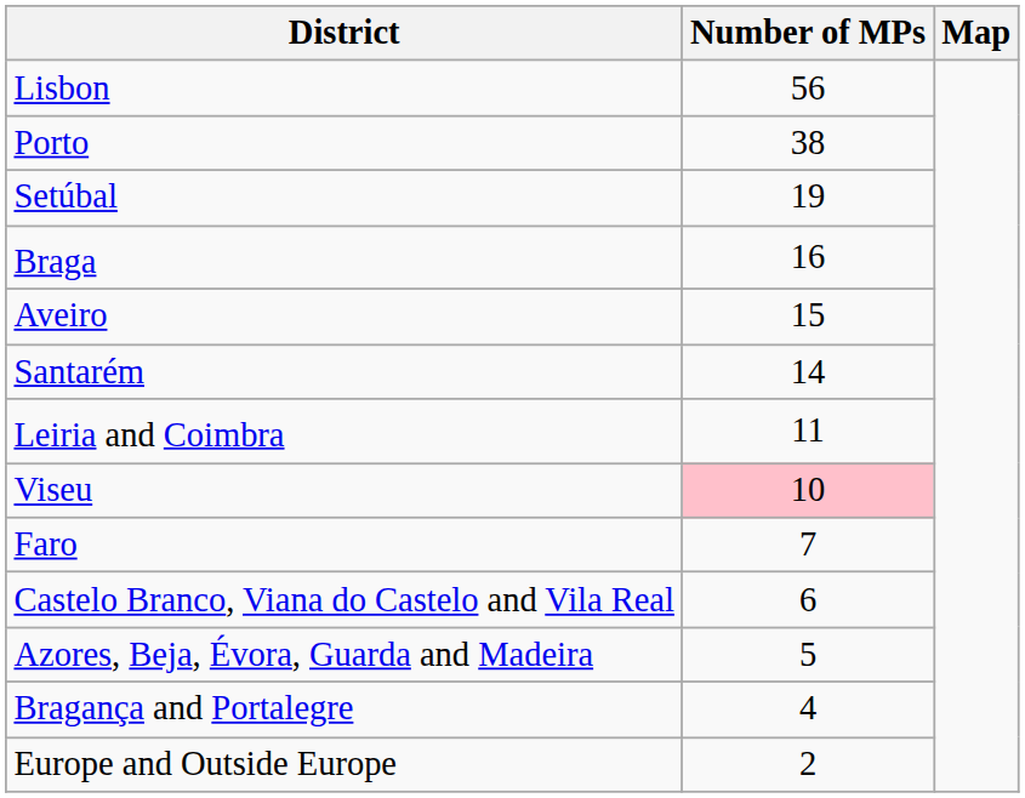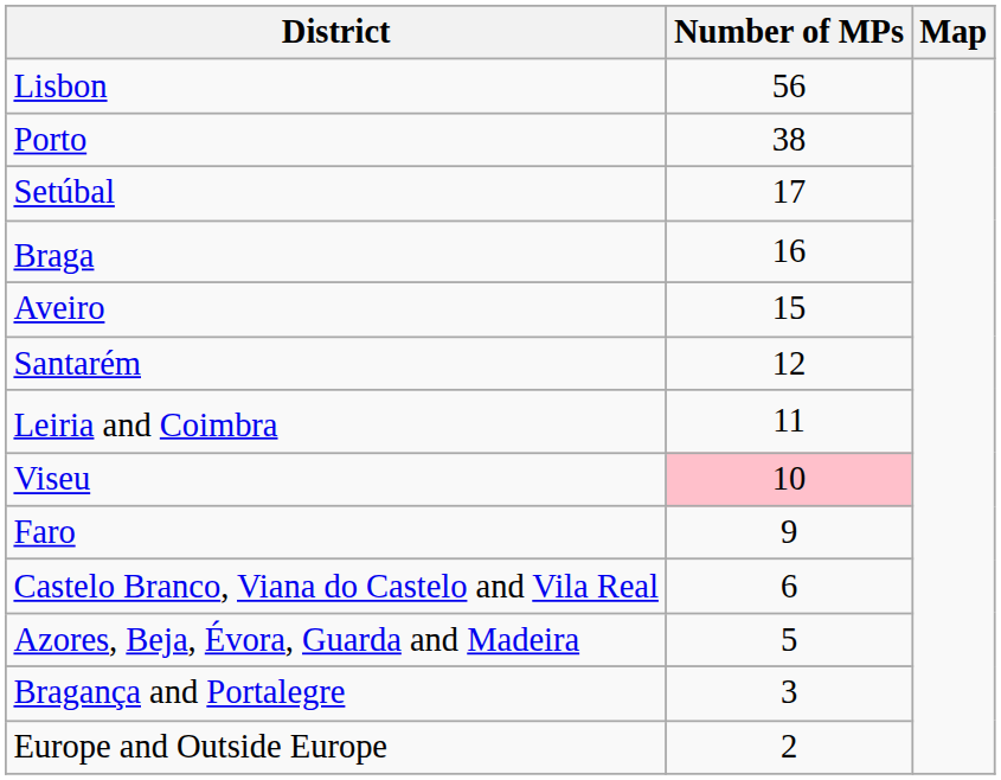 <table class="wikitable">
 <tr>
 <th>District</th>
 <th>Number of MPs</th>
 <th>Map</th>
 </tr>
 <tr>
 <td><a href='#'>Lisbon</a></td>
 <td style="text-align:center;">56</td>
 <td style="text-align:center;" rowspan="13"><br>                      </td>
 </tr>
 <tr>
 <td><a href='#'>Porto</a></td>
 <td style="text-align:center;">38</td>
 </tr>
 <tr>
 <td><a href='#'>Setúbal</a></td>
-<td style="text-align:center;">19</td>
+<td style="text-align:center;">17</td>
 </tr>
 <tr>
 <td><a href='#'>Braga</a><sup></sup></td>
 <td style="text-align:center;">16</td>
 </tr>
 <tr>
 <td><a href='#'>Aveiro</a></td>
 <td style="text-align:center;">15</td>
 </tr>
 <tr>
 <td><a href='#'>Santarém</a></td>
-<td style="text-align:center;">14</td>
+<td style="text-align:center;">12</td>
 </tr>
 <tr>
 <td><a href='#'>Leiria</a> and <a href='#'>Coimbra</a><sup></sup></td>
 <td style="text-align:center;">11</td>
 </tr>
 <tr>
 <td><a href='#'>Viseu</a></td>
 <td style="background: pink; text-align:center;">10</td>
 </tr>
 <tr>
 <td><a href='#'>Faro</a></td>
-<td style="text-align:center;">7</td>
+<td style="text-align:center;">9</td>
 </tr>
 <tr>
 <td><a href='#'>Castelo Branco</a>, <a href='#'>Viana do Castelo</a> and <a href='#'>Vila Real</a></td>
 <td style="text-align:center;">6</td>
 </tr>
 <tr>
 <td><a href='#'>Azores</a>, <a href='#'>Beja</a>, <a href='#'>Évora</a>, <a href='#'>Guarda</a> and <a href='#'>Madeira</a></td>
 <td style="text-align:center;">5</td>
 </tr>
 <tr>
 <td><a href='#'>Bragança</a> and <a href='#'>Portalegre</a></td>
-<td style="text-align:center;">4</td>
+<td style="text-align:center;">3</td>
 </tr>
 <tr>
 <td>Europe and Outside Europe</td>
 <td style="text-align:center;">2</td>
 </tr>
 </table>
